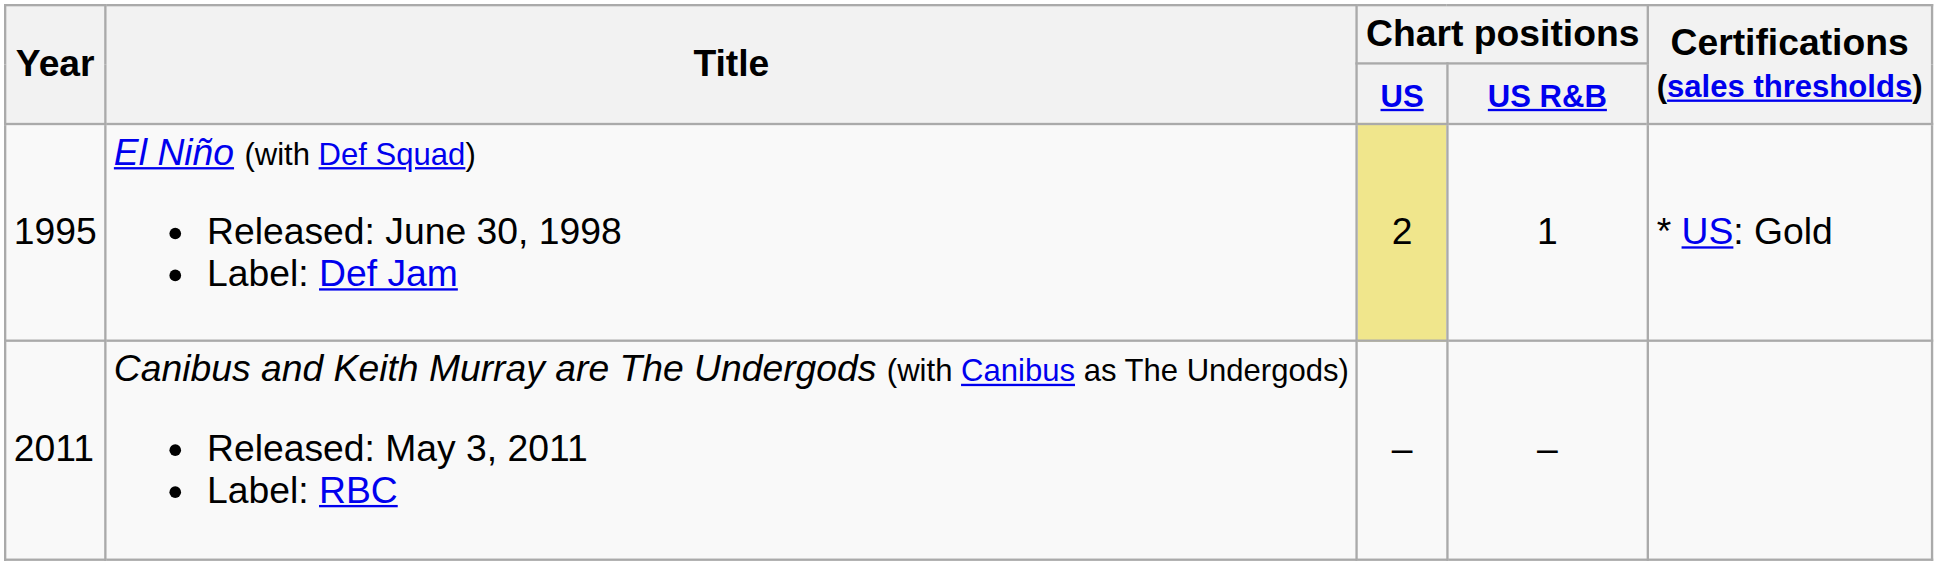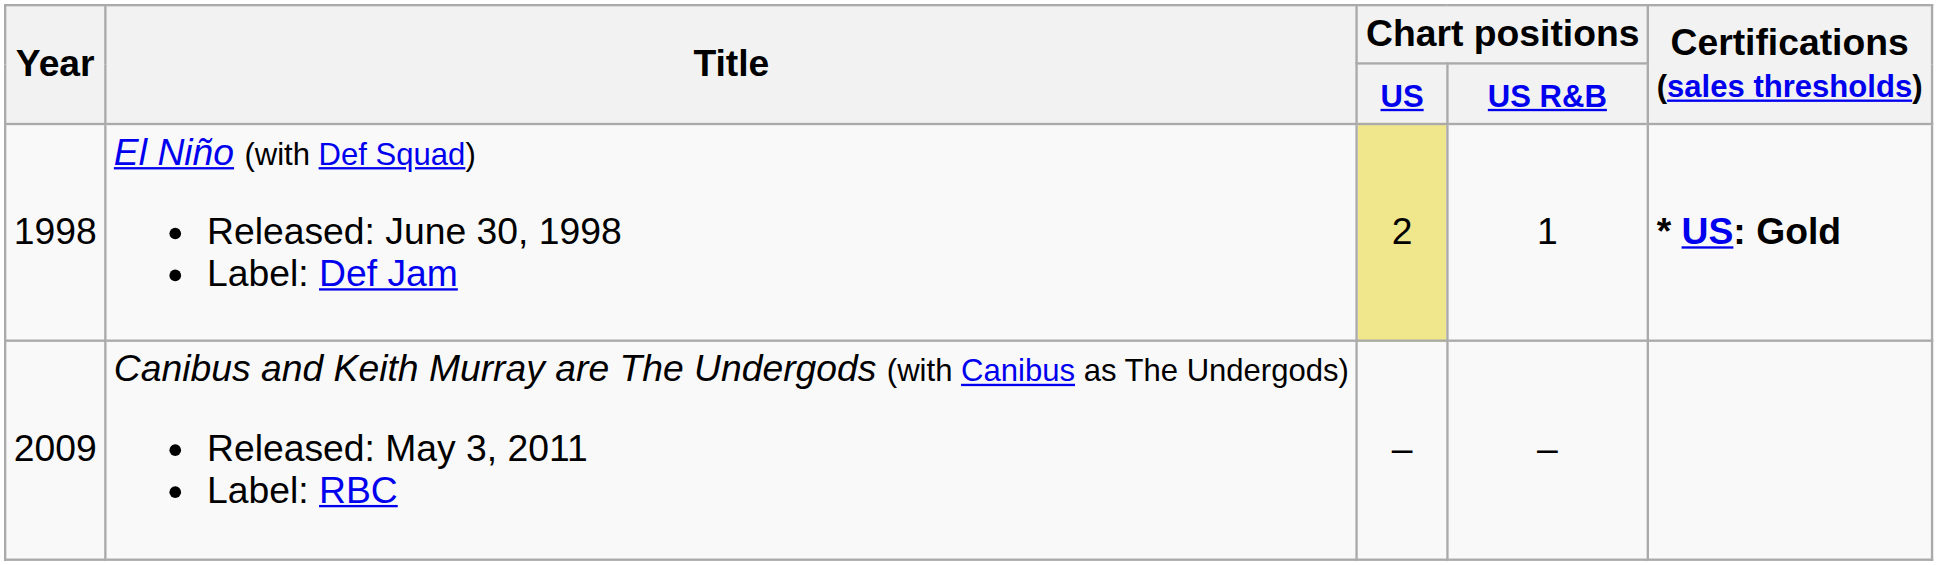 <table class="wikitable">
 <tr>
 <th rowspan="2">Year</th>
 <th rowspan="2">Title</th>
 <th colspan="2">Chart positions</th>
 <th rowspan="2">Certifications<br><small>(<a href='#'>sales thresholds</a>)</small></th>
 </tr>
 <tr>
 <th><small><a href='#'>US</a></small></th>
 <th><small><a href='#'>US R&B</a></small></th>
 </tr>
 <tr>
-<td>1995</td>
+<td>1998</td>
 <td><em><a href='#'>El Niño</a></em> <small>(with <a href='#'>Def Squad</a>)</small><br><ul><li>Released: June 30, 1998</li><li>Label: <a href='#'>Def Jam</a></li></ul></td>
 <td style="background: khaki; text-align:center;">2</td>
 <td style="text-align:center;">1</td>
-<td>* <a href='#'>US</a>: Gold</td>
+<td><strong>* <a href='#'>US</a>: Gold</strong></td>
 </tr>
 <tr>
-<td>2011</td>
+<td>2009</td>
 <td><em>Canibus and Keith Murray are The Undergods</em> <small>(with <a href='#'>Canibus</a> as The Undergods)</small><br><ul><li>Released: May 3, 2011</li><li>Label: <a href='#'>RBC</a></li></ul></td>
 <td style="text-align:center;">–</td>
 <td style="text-align:center;">–</td>
 <td></td>
 </tr>
 </table>
